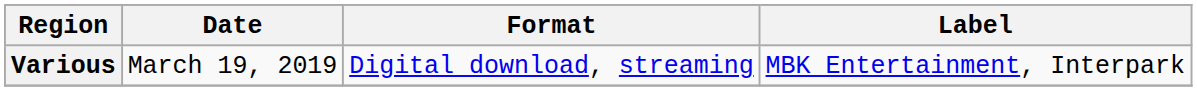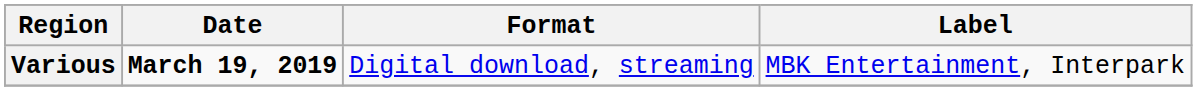 <table class="wikitable plainrowheaders">
 <tr>
 <th>Region</th>
 <th>Date</th>
 <th>Format</th>
 <th>Label</th>
 </tr>
 <tr>
 <th scope="row">Various</th>
-<td>March 19, 2019</td>
+<td><strong>March 19, 2019</strong></td>
 <td><a href='#'>Digital download</a>, <a href='#'>streaming</a></td>
 <td><a href='#'>MBK Entertainment</a>, Interpark</td>
 </tr>
 <tr>
 </tr>
 </table>
